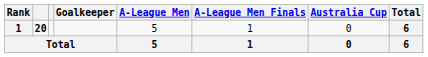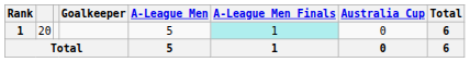 <table class="wikitable" style="text-align:center">
 <tr>
 <th>Rank</th>
 <th></th>
 <th></th>
 <th>Goalkeeper</th>
 <th><a href='#'>A-League Men</a></th>
 <th><a href='#'>A-League Men Finals</a></th>
 <th><a href='#'>Australia Cup</a></th>
 <th>Total</th>
 </tr>
 <tr>
 <th>1</th>
-<td><strong>20</strong></td>
+<td>20</td>
 <td></td>
 <td align="left"></td>
 <td>5</td>
-<td>1</td>
+<td style="background: paleturquoise;">1</td>
 <td>0</td>
 <th>6</th>
 </tr>
 <tr>
 <th colspan="4">Total</th>
 <th>5</th>
 <th>1</th>
 <th>0</th>
 <th>6</th>
 </tr>
 </table>
